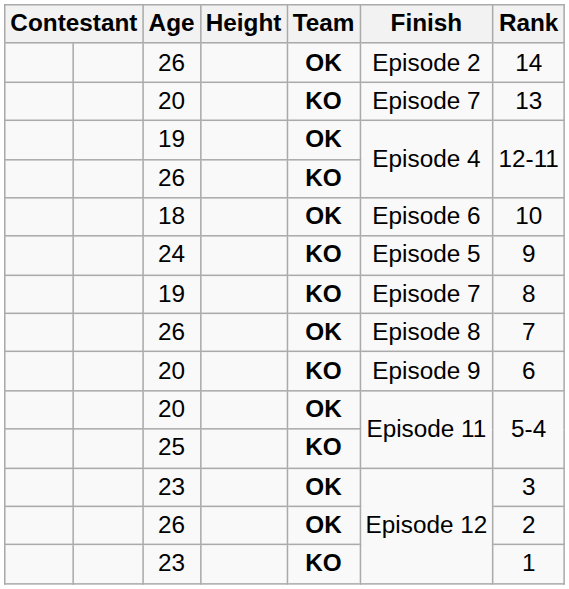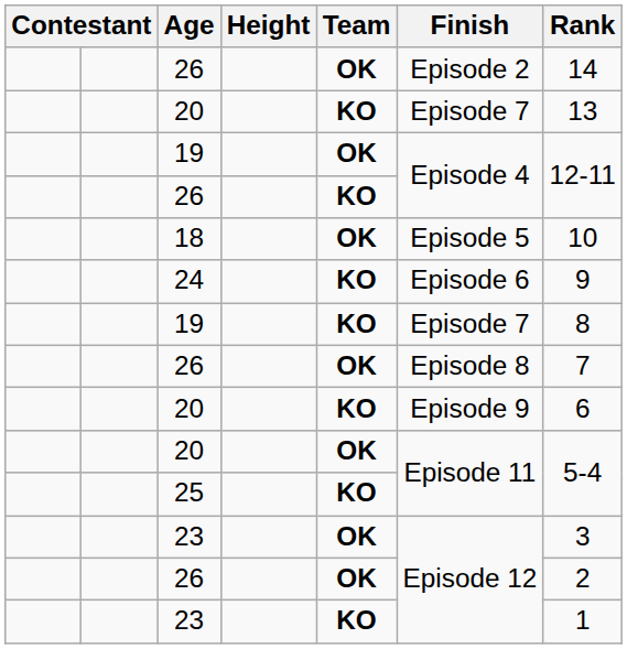 <table class="wikitable sortable" style="text-align:center;">
 <tr>
 <th colspan=2>Contestant</th>
 <th>Age</th>
 <th>Height</th>
 <th>Team</th>
 <th>Finish</th>
 <th>Rank</th>
 </tr>
 <tr>
 <td></td>
 <td></td>
 <td>26</td>
 <td></td>
 <td><strong><span>OK</span></strong></td>
 <td>Episode 2</td>
 <td>14</td>
 </tr>
 <tr>
 <td></td>
 <td></td>
 <td>20</td>
 <td></td>
 <td><strong><span>KO</span></strong></td>
 <td>Episode 7</td>
 <td>13</td>
 </tr>
 <tr>
 <td></td>
 <td></td>
 <td>19</td>
 <td></td>
 <td><strong><span>OK</span></strong></td>
 <td rowspan="2">Episode 4</td>
 <td rowspan="2">12-11</td>
 </tr>
 <tr>
 <td></td>
 <td></td>
 <td>26</td>
 <td></td>
 <td><strong><span>KO</span></strong></td>
 </tr>
 <tr>
 <td></td>
 <td></td>
 <td>18</td>
 <td></td>
 <td><strong><span>OK</span></strong></td>
-<td>Episode 6</td>
+<td>Episode 5</td>
 <td>10</td>
 </tr>
 <tr>
 <td></td>
 <td></td>
 <td>24</td>
 <td></td>
 <td><strong><span>KO</span></strong></td>
-<td>Episode 5</td>
+<td>Episode 6</td>
 <td>9</td>
 </tr>
 <tr>
 <td></td>
 <td></td>
 <td>19</td>
 <td></td>
 <td><strong><span>KO</span></strong></td>
 <td>Episode 7</td>
 <td>8</td>
 </tr>
 <tr>
 <td></td>
 <td></td>
 <td>26</td>
 <td></td>
 <td><strong><span>OK</span></strong></td>
 <td>Episode 8</td>
 <td>7</td>
 </tr>
 <tr>
 <td></td>
 <td></td>
 <td>20</td>
 <td></td>
 <td><strong><span>KO</span></strong></td>
 <td>Episode 9</td>
 <td>6</td>
 </tr>
 <tr>
 <td></td>
 <td></td>
 <td>20</td>
 <td></td>
 <td><strong><span>OK</span></strong></td>
 <td rowspan="2">Episode 11</td>
 <td rowspan="2">5-4</td>
 </tr>
 <tr>
 <td></td>
 <td></td>
 <td>25</td>
 <td></td>
 <td><strong><span>KO</span></strong></td>
 </tr>
 <tr>
 <td></td>
 <td></td>
 <td>23</td>
 <td></td>
 <td><strong><span>OK</span></strong></td>
 <td rowspan="3">Episode 12</td>
 <td>3</td>
 </tr>
 <tr>
 <td></td>
 <td></td>
 <td>26</td>
 <td></td>
 <td><strong><span>OK</span></strong></td>
 <td>2</td>
 </tr>
 <tr>
 <td></td>
 <td></td>
 <td>23</td>
 <td></td>
 <td><strong><span>KO</span>  </strong></td>
 <td>1</td>
 </tr>
 </table>
